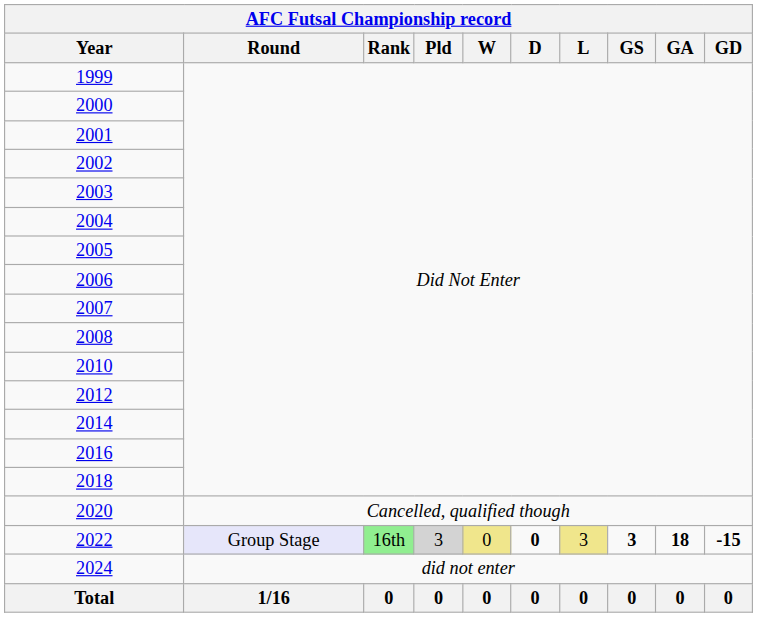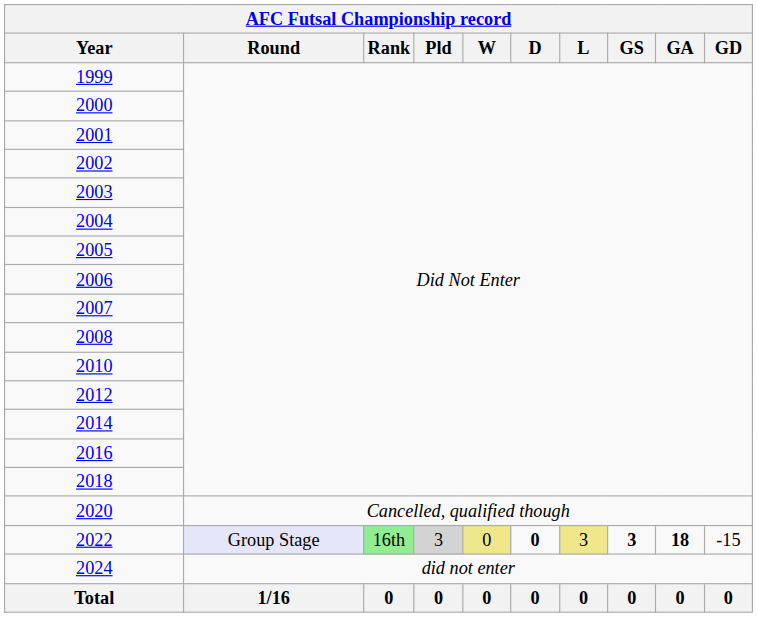 <table class="wikitable" style="text-align: center;">
 <tr>
 <th colspan="10"><a href='#'>AFC Futsal Championship record</a></th>
 </tr>
 <tr>
 <th width=150>Year</th>
 <th width=150>Round</th>
 <th width=35>Rank</th>
 <th width=35>Pld</th>
 <th width=35>W</th>
 <th width=35>D</th>
 <th width=35>L</th>
 <th width=35>GS</th>
 <th width=35>GA</th>
 <th width=35>GD</th>
 </tr>
 <tr>
 <td> <a href='#'>1999</a></td>
 <td rowspan=15 colspan=9><em>Did Not Enter</em></td>
 </tr>
 <tr>
 <td> <a href='#'>2000</a></td>
 </tr>
 <tr>
 <td> <a href='#'>2001</a></td>
 </tr>
 <tr>
 <td> <a href='#'>2002</a></td>
 </tr>
 <tr>
 <td> <a href='#'>2003</a></td>
 </tr>
 <tr>
 <td> <a href='#'>2004</a></td>
 </tr>
 <tr>
 <td> <a href='#'>2005</a></td>
 </tr>
 <tr>
 <td> <a href='#'>2006</a></td>
 </tr>
 <tr>
 <td> <a href='#'>2007</a></td>
 </tr>
 <tr>
 <td> <a href='#'>2008</a></td>
 </tr>
 <tr>
 <td> <a href='#'>2010</a></td>
 </tr>
 <tr>
 <td> <a href='#'>2012</a></td>
 </tr>
 <tr>
 <td> <a href='#'>2014</a></td>
 </tr>
 <tr>
 <td> <a href='#'>2016</a></td>
 </tr>
 <tr>
 <td> <a href='#'>2018</a></td>
 </tr>
 <tr>
 <td> <a href='#'>2020</a></td>
 <td colspan=9><em>Cancelled, qualified though</em></td>
 </tr>
 <tr>
 <td> <a href='#'>2022</a></td>
 <td style="background: lavender;">Group Stage</td>
 <td style="background: lightgreen;">16th</td>
 <td style="background: lightgrey;">3</td>
 <td style="background: khaki;">0</td>
 <td><strong>0</strong></td>
 <td style="background: khaki;">3</td>
 <td><strong>3</strong></td>
 <td><strong>18</strong></td>
-<td><strong>-15</strong></td>
+<td>-15</td>
 </tr>
 <tr>
 <td> <a href='#'>2024</a></td>
 <td colspan=9><em>did not enter</em></td>
 </tr>
 <tr>
 <th><strong>Total</strong></th>
 <th>1/16</th>
 <th><strong>0</strong></th>
 <th>0</th>
 <th>0</th>
 <th>0</th>
 <th>0</th>
 <th>0</th>
 <th>0</th>
 <th>0</th>
 </tr>
 </table>
